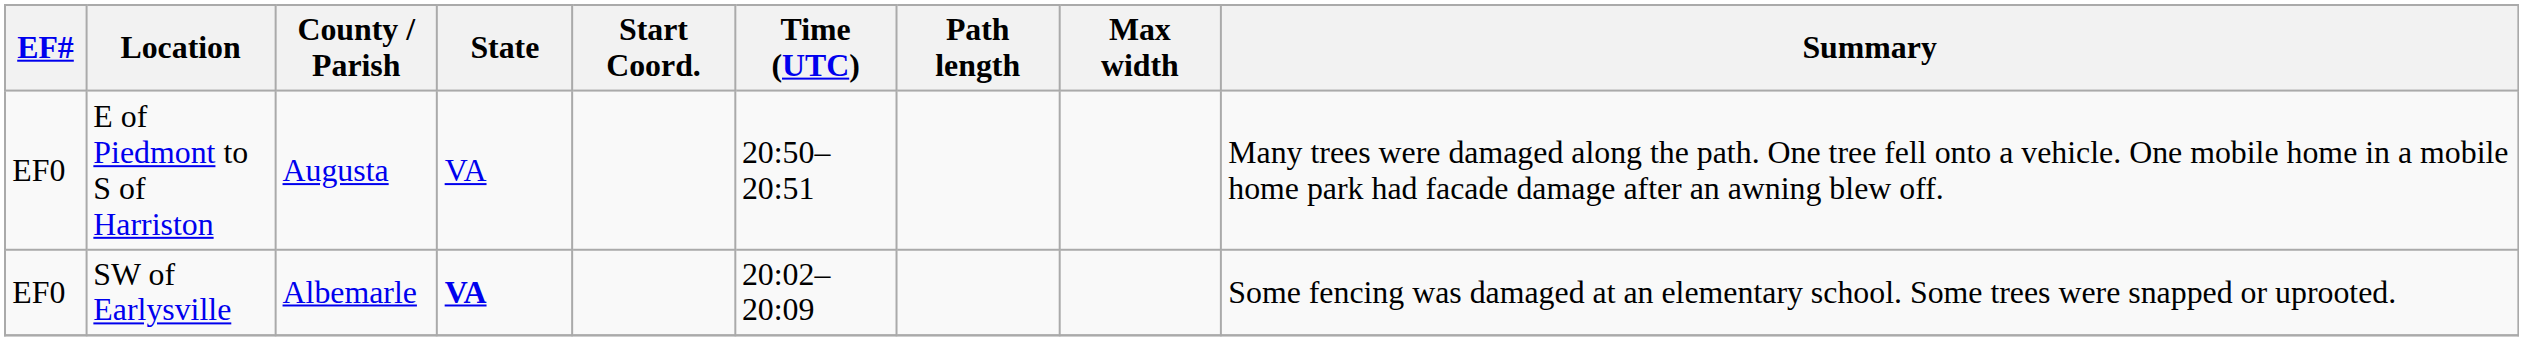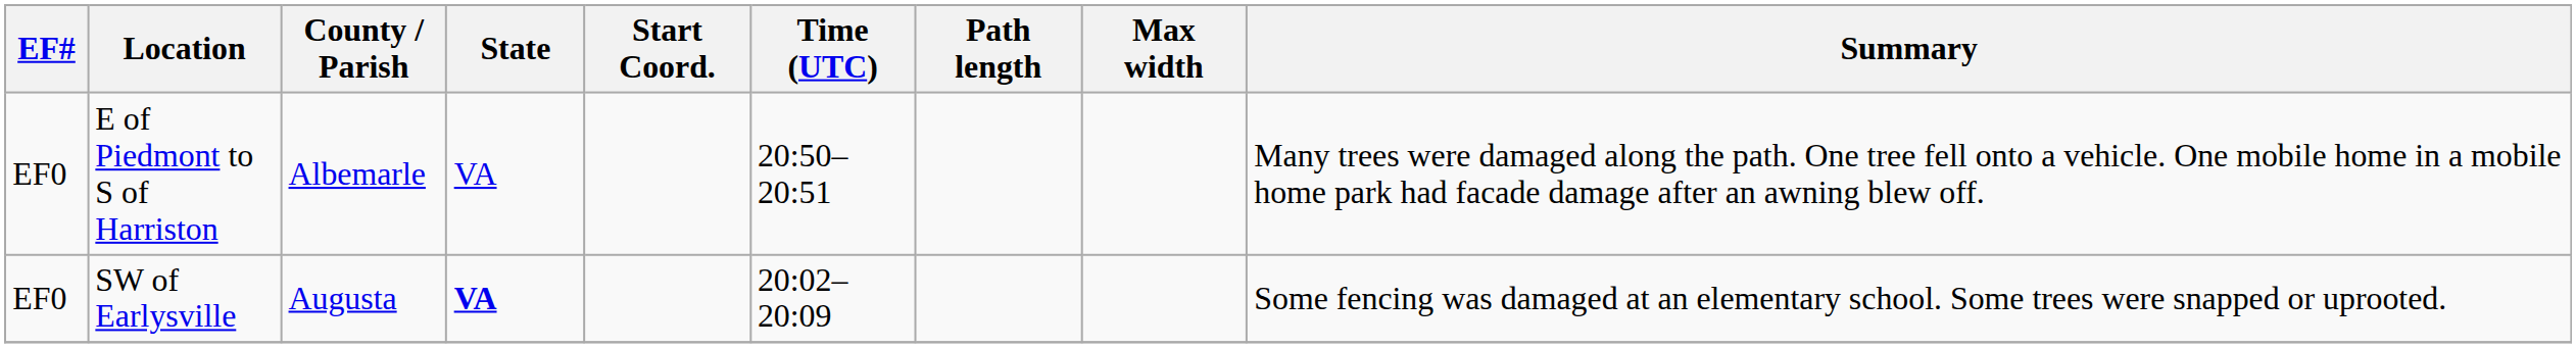 <table class="wikitable sortable" style="width:100%;">
 <tr>
 <th scope="col"  style="width:3%; text-align:center;"><a href='#'>EF#</a></th>
 <th scope="col"  style="width:7%; text-align:center;" class="unsortable">Location</th>
 <th scope="col"  style="width:6%; text-align:center;" class="unsortable">County / Parish</th>
 <th scope="col"  style="width:5%; text-align:center;">State</th>
 <th scope="col"  style="width:6%; text-align:center;">Start Coord.</th>
 <th scope="col"  style="width:6%; text-align:center;">Time (<a href='#'>UTC</a>)</th>
 <th scope="col"  style="width:6%; text-align:center;">Path length</th>
 <th scope="col"  style="width:6%; text-align:center;">Max width</th>
 <th scope="col" class="unsortable" style="width:48%; text-align:center;">Summary</th>
 </tr>
 <tr>
 <td>EF0</td>
 <td>E of <a href='#'>Piedmont</a> to S of <a href='#'>Harriston</a></td>
-<td><a href='#'>Augusta</a></td>
+<td><a href='#'>Albemarle</a></td>
 <td><a href='#'>VA</a></td>
 <td></td>
 <td>20:50–20:51</td>
 <td></td>
 <td></td>
 <td>Many trees were damaged along the path. One tree fell onto a vehicle. One mobile home in a mobile home park had facade damage after an awning blew off.</td>
 </tr>
 <tr>
 <td>EF0</td>
 <td>SW of <a href='#'>Earlysville</a></td>
-<td><a href='#'>Albemarle</a></td>
+<td><a href='#'>Augusta</a></td>
 <td><strong><a href='#'>VA</a></strong></td>
 <td></td>
 <td>20:02–20:09</td>
 <td></td>
 <td></td>
 <td>Some fencing was damaged at an elementary school. Some trees were snapped or uprooted.</td>
 </tr>
 <tr>
 </tr>
 </table>
